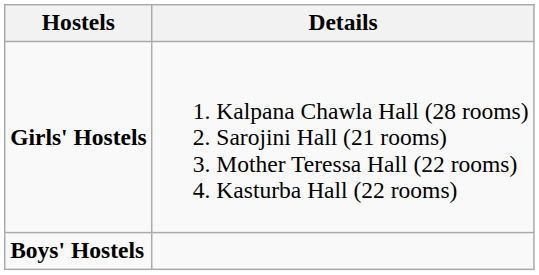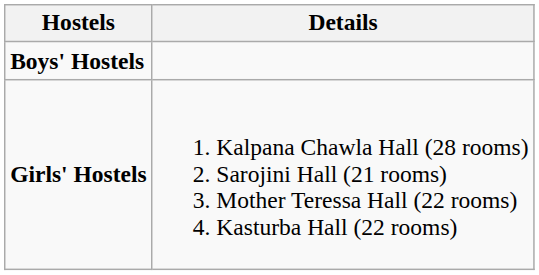 <table class="wikitable">
 <tr>
 <th>Hostels</th>
 <th>Details</th>
 </tr>
 <tr>
+<td><strong>Boys' Hostels</strong></td>
+<td><br></td>
+</tr>
+<tr>
 <td><strong>Girls' Hostels</strong></td>
 <td><br><ol><li>Kalpana Chawla Hall (28 rooms)</li><li>Sarojini Hall (21 rooms)</li><li>Mother Teressa Hall (22 rooms)</li><li>Kasturba Hall (22 rooms)</li></ol></td>
 </tr>
-<tr>
-<td><strong>Boys' Hostels</strong></td>
-<td><br></td>
-</tr>
 </table>
